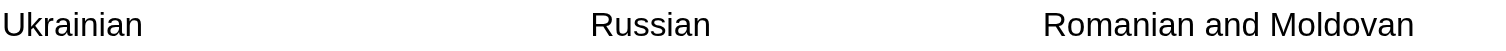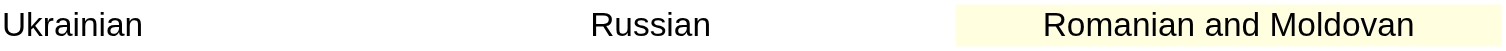 <table class="whitetable" style="text-align:center">
 <tr>
 <td width="22%"></td>
 <td width="1%"></td>
 <td width="22%"></td>
 <td width="1%"></td>
 <td width="22%"></td>
 <td width="1%"></td>
 </tr>
 <tr>
 <td>Ukrainian</td>
 <td></td>
 <td>Russian</td>
 <td></td>
-<td>Romanian and Moldovan</td>
+<td style="background: lightyellow;">Romanian and Moldovan</td>
 <td></td>
 </tr>
 </table>
